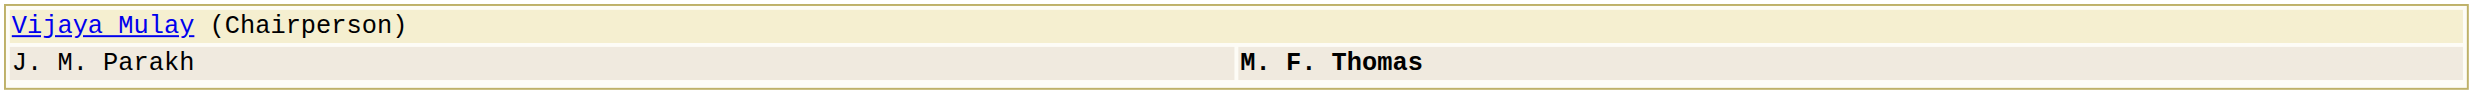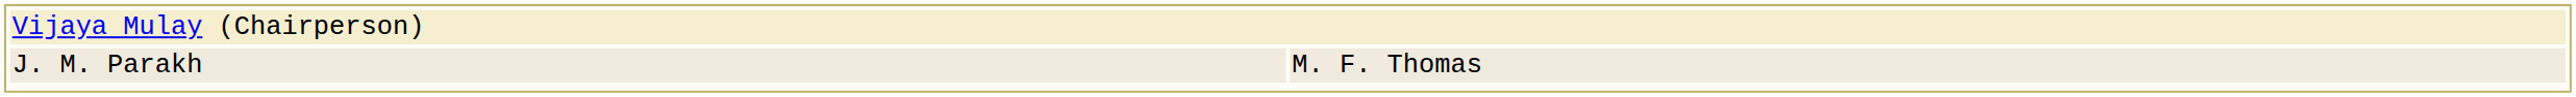 <table style="width:100%;border: 1px solid #BEB168;background-color:#FDFCF6;">
 <tr>
 <td colspan="2" style="background-color:#F5EFD0;"> <a href='#'>Vijaya Mulay</a> (Chairperson)</td>
 </tr>
 <tr style="background-color:#F0EADF;">
 <td style="width:50%"> J. M. Parakh </td>
-<td style="width:50%"><strong> M. F. Thomas </strong></td>
+<td style="width:50%"> M. F. Thomas </td>
 </tr>
 <tr style="vertical-align:top;">
 </tr>
 </table>
